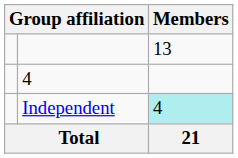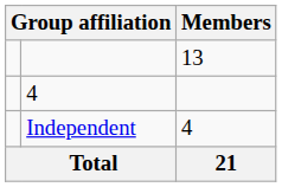 <table class="wikitable">
 <tr>
 <th colspan="2">Group affiliation</th>
 <th>Members</th>
 </tr>
 <tr>
 <td style="width: 4px" bgcolor=></td>
 <td style="text-align: left;" scope="row"><a href='#'></a></td>
 <td>13</td>
 </tr>
 <tr>
 <td></td>
 <td>4</td>
 </tr>
 <tr>
 <td style="background-color:"> </td>
 <td><a href='#'>Independent</a> <br></td>
-<td style="background: paleturquoise;">4</td>
+<td>4</td>
 </tr>
 <tr>
 <th colspan="2" rowspan="1"> Total<br></th>
 <th>21</th>
 </tr>
 </table>
